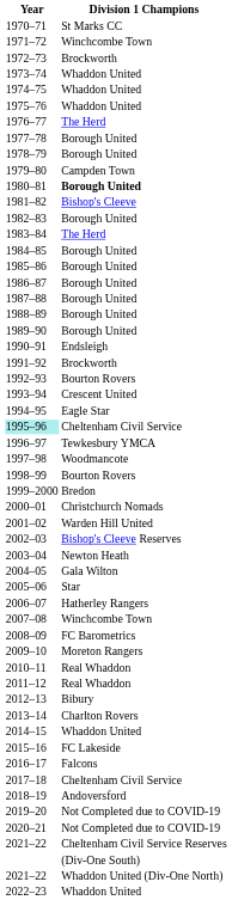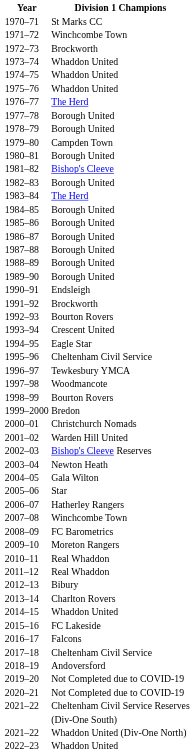 <table>
 <tr>
 <th>Year</th>
 <th>Division 1 Champions</th>
 </tr>
 <tr>
 <td>1970–71</td>
 <td>St Marks CC</td>
 </tr>
 <tr>
 <td>1971–72</td>
 <td>Winchcombe Town</td>
 </tr>
 <tr>
 <td>1972–73</td>
 <td>Brockworth</td>
 </tr>
 <tr>
 <td>1973–74</td>
 <td>Whaddon United</td>
 </tr>
 <tr>
 <td>1974–75</td>
 <td>Whaddon United</td>
 </tr>
 <tr>
 <td>1975–76</td>
 <td>Whaddon United</td>
 </tr>
 <tr>
 <td>1976–77</td>
 <td><a href='#'>The Herd</a></td>
 </tr>
 <tr>
 <td>1977–78</td>
 <td>Borough United</td>
 </tr>
 <tr>
 <td>1978–79</td>
 <td>Borough United</td>
 </tr>
 <tr>
 <td>1979–80</td>
 <td>Campden Town</td>
 </tr>
 <tr>
 <td>1980–81</td>
-<td><strong>Borough United</strong></td>
+<td>Borough United</td>
 </tr>
 <tr>
 <td>1981–82</td>
 <td><a href='#'>Bishop's Cleeve</a></td>
 </tr>
 <tr>
 <td>1982–83</td>
 <td>Borough United</td>
 </tr>
 <tr>
 <td>1983–84</td>
 <td><a href='#'>The Herd</a></td>
 </tr>
 <tr>
 <td>1984–85</td>
 <td>Borough United</td>
 </tr>
 <tr>
 <td>1985–86</td>
 <td>Borough United</td>
 </tr>
 <tr>
 <td>1986–87</td>
 <td>Borough United</td>
 </tr>
 <tr>
 <td>1987–88</td>
 <td>Borough United</td>
 </tr>
 <tr>
 <td>1988–89</td>
 <td>Borough United</td>
 </tr>
 <tr>
 <td>1989–90</td>
 <td>Borough United</td>
 </tr>
 <tr>
 <td>1990–91</td>
 <td>Endsleigh</td>
 </tr>
 <tr>
 <td>1991–92</td>
 <td>Brockworth</td>
 </tr>
 <tr>
 <td>1992–93</td>
 <td>Bourton Rovers</td>
 </tr>
 <tr>
 <td>1993–94</td>
 <td>Crescent United</td>
 </tr>
 <tr>
 <td>1994–95</td>
 <td>Eagle Star</td>
 </tr>
 <tr>
-<td style="background: paleturquoise;">1995–96</td>
+<td>1995–96</td>
 <td>Cheltenham Civil Service</td>
 </tr>
 <tr>
 <td>1996–97</td>
 <td>Tewkesbury YMCA</td>
 </tr>
 <tr>
 <td>1997–98</td>
 <td>Woodmancote</td>
 </tr>
 <tr>
 <td>1998–99</td>
 <td>Bourton Rovers</td>
 </tr>
 <tr>
 <td>1999–2000</td>
 <td>Bredon</td>
 </tr>
 <tr>
 <td>2000–01</td>
 <td>Christchurch Nomads</td>
 </tr>
 <tr>
 <td>2001–02</td>
 <td>Warden Hill United</td>
 </tr>
 <tr>
 <td>2002–03</td>
 <td><a href='#'>Bishop's Cleeve</a> Reserves</td>
 </tr>
 <tr>
 <td>2003–04</td>
 <td>Newton Heath</td>
 </tr>
 <tr>
 <td>2004–05</td>
 <td>Gala Wilton</td>
 </tr>
 <tr>
 <td>2005–06</td>
 <td>Star</td>
 </tr>
 <tr>
 <td>2006–07</td>
 <td>Hatherley Rangers</td>
 </tr>
 <tr>
 <td>2007–08</td>
 <td>Winchcombe Town</td>
 </tr>
 <tr>
 <td>2008–09</td>
 <td>FC Barometrics</td>
 </tr>
 <tr>
 <td>2009–10</td>
 <td>Moreton Rangers</td>
 </tr>
 <tr>
 <td>2010–11</td>
 <td>Real Whaddon</td>
 </tr>
 <tr>
 <td>2011–12</td>
 <td>Real Whaddon</td>
 </tr>
 <tr>
 <td>2012–13</td>
 <td>Bibury</td>
 </tr>
 <tr>
 <td>2013–14</td>
 <td>Charlton Rovers</td>
 </tr>
 <tr>
 <td>2014–15</td>
 <td>Whaddon United</td>
 </tr>
 <tr>
 <td>2015–16</td>
 <td>FC Lakeside</td>
 </tr>
 <tr>
 <td>2016–17</td>
 <td>Falcons</td>
 </tr>
 <tr>
 <td>2017–18</td>
 <td>Cheltenham Civil Service</td>
 </tr>
 <tr>
 <td>2018–19</td>
 <td>Andoversford</td>
 <td></td>
 </tr>
 <tr>
 <td>2019–20</td>
 <td>Not Completed due to COVID-19</td>
 <td></td>
 </tr>
 <tr>
 <td>2020–21</td>
 <td>Not Completed due to COVID-19</td>
 <td></td>
 </tr>
 <tr>
 <td>2021–22</td>
 <td>Cheltenham Civil Service Reserves</td>
 </tr>
 <tr>
 <td></td>
 <td>(Div-One South)</td>
 </tr>
 <tr>
 <td>2021–22</td>
 <td>Whaddon United (Div-One North)</td>
 <td></td>
 </tr>
 <tr>
 <td>2022–23</td>
 <td>Whaddon United</td>
 </tr>
 </table>
